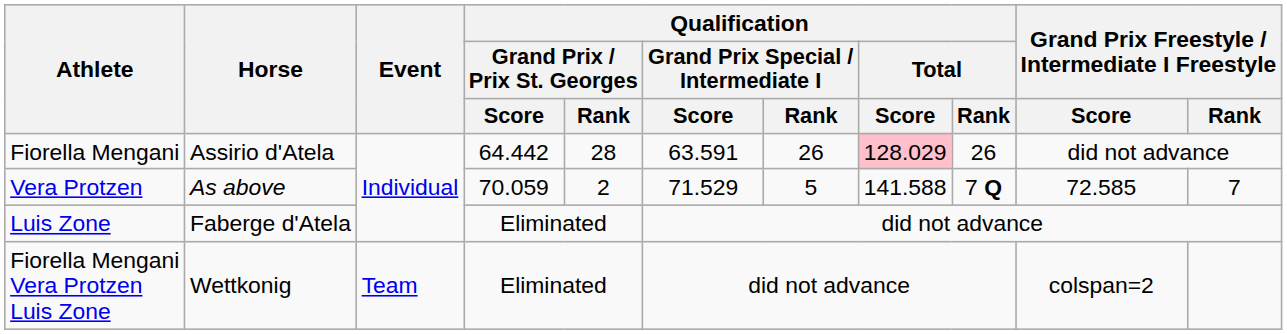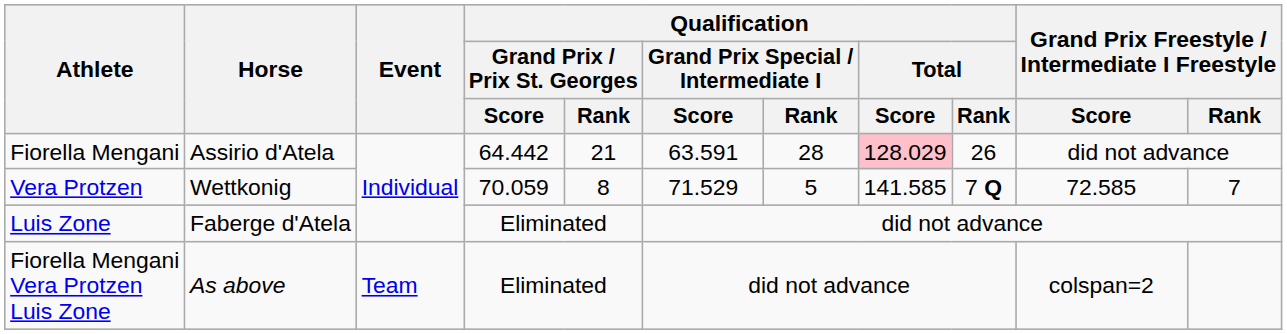 <table class="wikitable" style="font-size:90%;text-align:center">
 <tr>
 <th rowspan=3>Athlete</th>
 <th rowspan=3>Horse</th>
 <th rowspan=3>Event</th>
 <th colspan=6>Qualification</th>
 <th colspan=2 rowspan=2>Grand Prix Freestyle /<br>Intermediate I Freestyle</th>
 </tr>
 <tr style=font-size:95%>
 <th colspan=2>Grand Prix /<br>Prix St. Georges</th>
 <th colspan=2>Grand Prix Special /<br>Intermediate I</th>
 <th colspan=2>Total</th>
 </tr>
 <tr style=font-size:95%>
 <th>Score</th>
 <th>Rank</th>
 <th>Score</th>
 <th>Rank</th>
 <th>Score</th>
 <th>Rank</th>
 <th>Score</th>
 <th>Rank</th>
 </tr>
 <tr>
 <td style="text-align:left">Fiorella Mengani</td>
 <td style="text-align:left">Assirio d'Atela</td>
 <td style="text-align:left" rowspan=3><a href='#'>Individual</a></td>
 <td>64.442</td>
+<td>21</td>
+<td>63.591</td>
 <td>28</td>
-<td>63.591</td>
-<td>26</td>
 <td style="background: pink;">128.029</td>
 <td>26</td>
 <td colspan=2>did not advance</td>
 </tr>
 <tr>
 <td style="text-align:left"><a href='#'>Vera Protzen</a></td>
-<td style="text-align:left"><em>As above</em></td>
+<td style="text-align:left">Wettkonig</td>
 <td>70.059</td>
-<td>2</td>
+<td>8</td>
 <td>71.529</td>
 <td>5</td>
-<td>141.588</td>
+<td>141.585</td>
 <td>7 <strong>Q</strong></td>
 <td>72.585</td>
 <td>7</td>
 </tr>
 <tr>
 <td style="text-align:left"><a href='#'>Luis Zone</a></td>
 <td style="text-align:left">Faberge d'Atela</td>
 <td colspan=2>Eliminated</td>
 <td colspan=6>did not advance</td>
 </tr>
 <tr>
 <td style="text-align:left">Fiorella Mengani<br><a href='#'>Vera Protzen</a><br><a href='#'>Luis Zone</a></td>
-<td style="text-align:left">Wettkonig</td>
+<td style="text-align:left"><em>As above</em></td>
 <td style="text-align:left"><a href='#'>Team</a></td>
 <td colspan=2>Eliminated</td>
 <td colspan=4>did not advance</td>
 <td>colspan=2 </td>
 </tr>
 </table>
